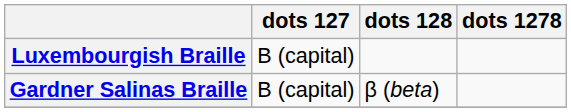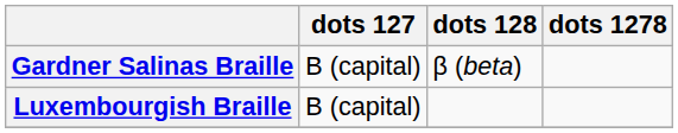 <table class="wikitable">
 <tr>
 <th></th>
 <th>dots 127</th>
 <th>dots 128</th>
 <th>dots 1278</th>
 </tr>
 <tr>
+<th align=left><a href='#'>Gardner Salinas Braille</a></th>
+<td>B (capital)</td>
+<td>β (<em>beta</em>)</td>
+<td></td>
+</tr>
+<tr>
 <th align=left><a href='#'>Luxembourgish Braille</a></th>
 <td>B (capital)</td>
 <td></td>
 <td></td>
 </tr>
 <tr>
-<th align=left><a href='#'>Gardner Salinas Braille</a></th>
-<td>B (capital)</td>
-<td>β (<em>beta</em>)</td>
-<td></td>
-</tr>
-<tr>
 </tr>
 </table>
